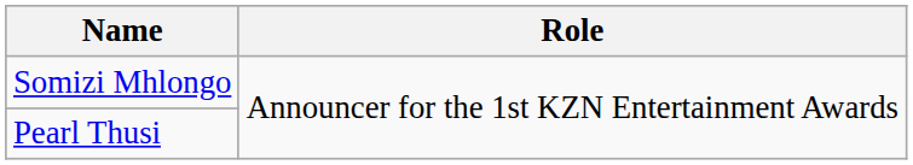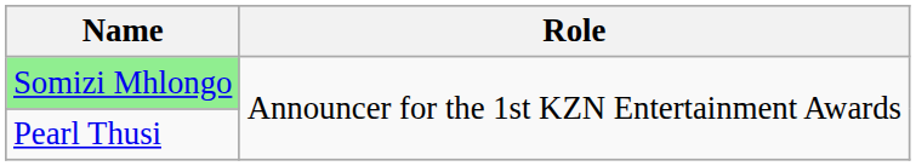 <table class="wikitable sortable">
 <tr>
 <th>Name</th>
 <th>Role</th>
 </tr>
 <tr>
-<td data-sort-value="Mhlongo, Somizi"><a href='#'>Somizi Mhlongo</a></td>
+<td data-sort-value="Mhlongo, Somizi" style="background: lightgreen;"><a href='#'>Somizi Mhlongo</a></td>
 <td rowspan="2">Announcer for the 1st KZN Entertainment Awards</td>
 </tr>
 <tr>
 <td data-sort-value="Thusi, Pearl"><a href='#'>Pearl Thusi</a></td>
 </tr>
 </table>
